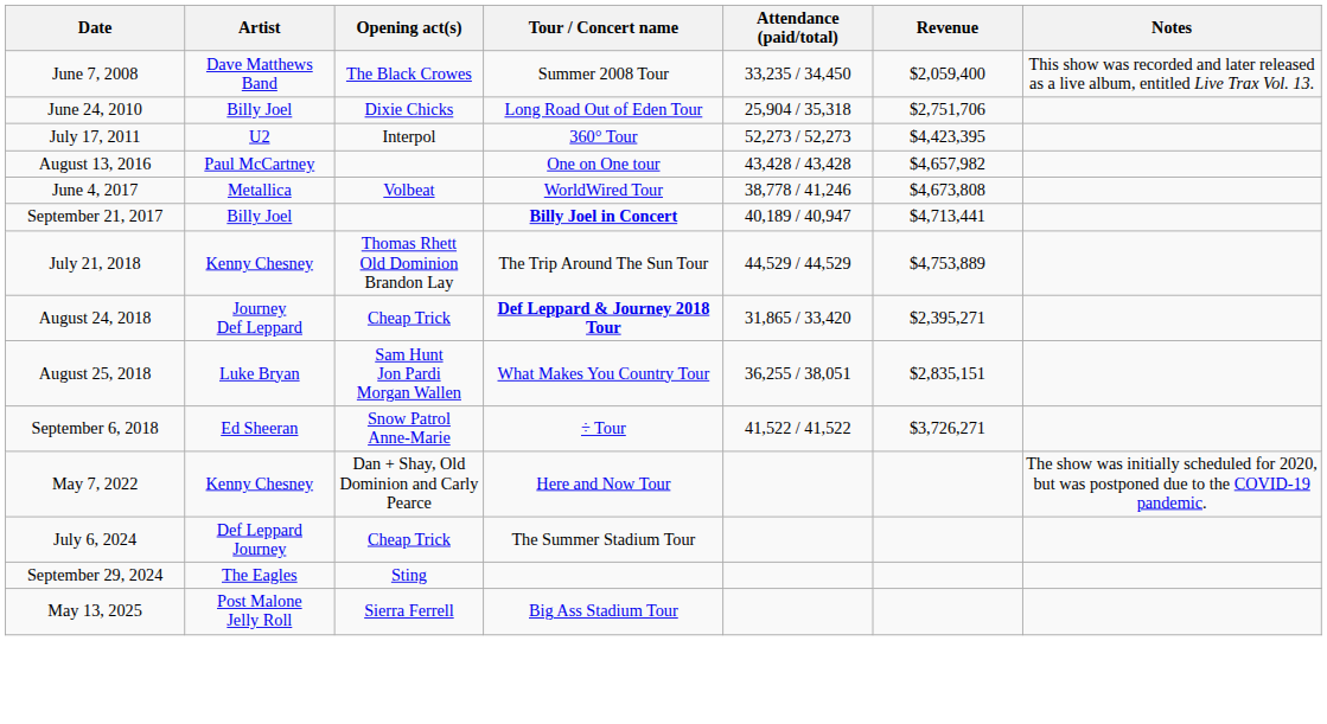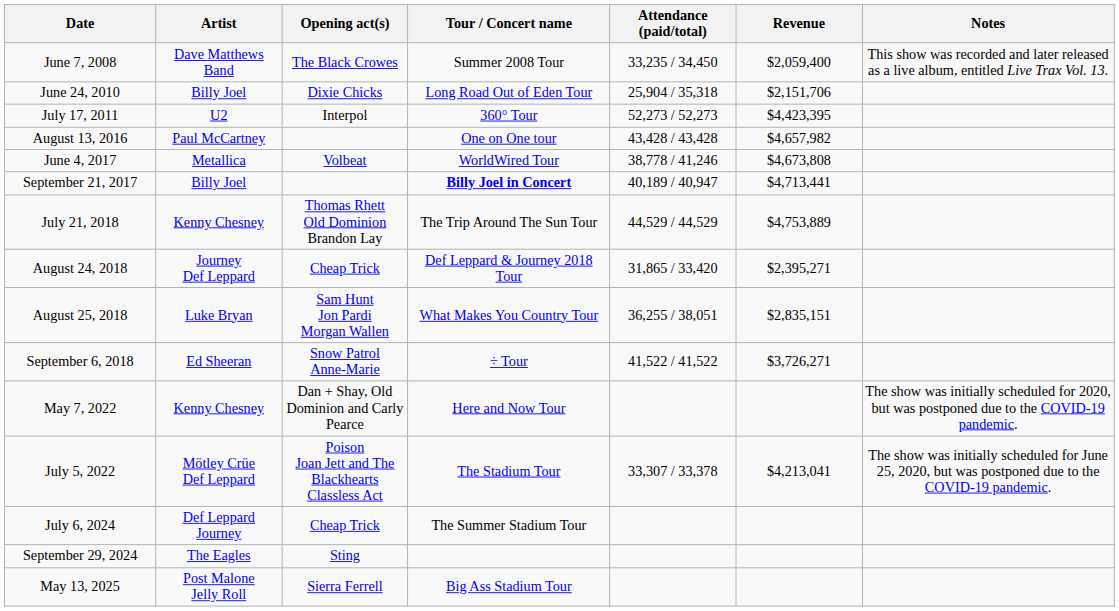 <table class="wikitable" style="text-align:center;">
 <tr>
 <th width=12% style="text-align:center;">Date</th>
 <th width=10% style="text-align:center;">Artist</th>
 <th width=10% style="text-align:center;">Opening act(s)</th>
 <th width=16% style="text-align:center;">Tour / Concert name</th>
 <th width=10% style="text-align:center;">Attendance (paid/total)</th>
 <th width=10% style="text-align:center;">Revenue</th>
 <th width=20% style="text-align:center;">Notes</th>
 </tr>
 <tr>
 <td>June 7, 2008</td>
 <td><a href='#'>Dave Matthews Band</a></td>
 <td><a href='#'>The Black Crowes</a></td>
 <td>Summer 2008 Tour</td>
 <td>33,235 / 34,450</td>
 <td>$2,059,400</td>
 <td>This show was recorded and later released as a live album, entitled <em>Live Trax Vol. 13</em>.</td>
 </tr>
 <tr>
 <td>June 24, 2010</td>
 <td><a href='#'>Billy Joel</a></td>
 <td><a href='#'>Dixie Chicks</a></td>
 <td><a href='#'>Long Road Out of Eden Tour</a></td>
 <td>25,904 / 35,318</td>
-<td>$2,751,706</td>
+<td>$2,151,706</td>
 <td></td>
 </tr>
 <tr>
 <td>July 17, 2011</td>
 <td><a href='#'>U2</a></td>
 <td>Interpol</td>
 <td><a href='#'>360° Tour</a></td>
 <td>52,273 / 52,273</td>
 <td>$4,423,395</td>
 <td></td>
 </tr>
 <tr>
 <td>August 13, 2016</td>
 <td><a href='#'>Paul McCartney</a></td>
 <td></td>
 <td><a href='#'>One on One tour</a></td>
 <td>43,428 / 43,428</td>
 <td>$4,657,982</td>
 <td></td>
 </tr>
 <tr>
 <td>June 4, 2017</td>
 <td><a href='#'>Metallica</a></td>
 <td><a href='#'>Volbeat</a></td>
 <td><a href='#'>WorldWired Tour</a></td>
 <td>38,778 / 41,246</td>
 <td>$4,673,808</td>
 <td></td>
 </tr>
 <tr>
 <td>September 21, 2017</td>
 <td><a href='#'>Billy Joel</a></td>
 <td></td>
 <td><strong><a href='#'>Billy Joel in Concert</a></strong></td>
 <td>40,189 / 40,947</td>
 <td>$4,713,441</td>
 <td></td>
 </tr>
 <tr>
 <td>July 21, 2018</td>
 <td><a href='#'>Kenny Chesney</a></td>
 <td><a href='#'>Thomas Rhett</a><br><a href='#'>Old Dominion</a><br>Brandon Lay</td>
 <td>The Trip Around The Sun Tour</td>
 <td>44,529 / 44,529</td>
 <td>$4,753,889</td>
 <td></td>
 </tr>
 <tr>
 <td>August 24, 2018</td>
 <td><a href='#'>Journey</a><br><a href='#'>Def Leppard</a></td>
 <td><a href='#'>Cheap Trick</a></td>
-<td><strong><a href='#'>Def Leppard & Journey 2018 Tour</a></strong></td>
+<td><a href='#'>Def Leppard & Journey 2018 Tour</a></td>
 <td>31,865 / 33,420</td>
 <td>$2,395,271</td>
 <td></td>
 </tr>
 <tr>
 <td>August 25, 2018</td>
 <td><a href='#'>Luke Bryan</a></td>
 <td><a href='#'>Sam Hunt</a><br><a href='#'>Jon Pardi</a><br><a href='#'>Morgan Wallen</a></td>
 <td><a href='#'>What Makes You Country Tour</a></td>
 <td>36,255 / 38,051</td>
 <td>$2,835,151</td>
 <td></td>
 </tr>
 <tr>
 <td>September 6, 2018</td>
 <td><a href='#'>Ed Sheeran</a></td>
 <td><a href='#'>Snow Patrol</a><br><a href='#'>Anne-Marie</a></td>
 <td><a href='#'>÷ Tour</a></td>
 <td>41,522 / 41,522</td>
 <td>$3,726,271</td>
 <td></td>
 </tr>
 <tr>
 <td>May 7, 2022</td>
 <td><a href='#'>Kenny Chesney</a></td>
 <td>Dan + Shay, Old Dominion and Carly Pearce</td>
 <td><a href='#'>Here and Now Tour</a></td>
 <td></td>
 <td></td>
 <td>The show was initially scheduled for 2020, but was postponed due to the <a href='#'>COVID-19 pandemic</a>.</td>
 </tr>
 <tr>
+<td>July 5, 2022</td>
+<td><a href='#'>Mötley Crüe</a><br> <a href='#'>Def Leppard</a></td>
+<td><a href='#'>Poison</a><br><a href='#'>Joan Jett and The Blackhearts</a><br><a href='#'>Classless Act</a></td>
+<td><a href='#'>The Stadium Tour</a></td>
+<td>33,307 / 33,378</td>
+<td>$4,213,041</td>
+<td>The show was initially scheduled for June 25, 2020, but was postponed due to the <a href='#'>COVID-19 pandemic</a>.</td>
+</tr>
+<tr>
 <td>July 6, 2024</td>
 <td><a href='#'>Def Leppard</a><br><a href='#'>Journey</a></td>
 <td><a href='#'>Cheap Trick</a></td>
 <td>The Summer Stadium Tour</td>
 <td></td>
 <td></td>
 <td></td>
 </tr>
 <tr>
 <td>September 29, 2024</td>
 <td><a href='#'>The Eagles</a></td>
 <td><a href='#'>Sting</a></td>
 <td></td>
 <td></td>
 <td></td>
 <td></td>
 </tr>
 <tr>
 <td>May 13, 2025</td>
 <td><a href='#'>Post Malone</a><br><a href='#'>Jelly Roll</a></td>
 <td><a href='#'>Sierra Ferrell</a></td>
 <td><a href='#'>Big Ass Stadium Tour</a></td>
 <td></td>
 <td></td>
 <td></td>
 </tr>
 </table>
